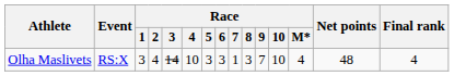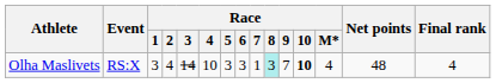 <table class="wikitable" style="font-size:90%">
 <tr>
 <th rowspan="2">Athlete</th>
 <th rowspan="2">Event</th>
 <th colspan=11>Race</th>
 <th rowspan=2>Net points</th>
 <th rowspan=2>Final rank</th>
 </tr>
 <tr style="font-size:95%">
 <th>1</th>
 <th>2</th>
 <th>3</th>
 <th>4</th>
 <th>5</th>
 <th>6</th>
 <th>7</th>
 <th>8</th>
 <th>9</th>
 <th>10</th>
 <th>M*</th>
 </tr>
 <tr align=center>
 <td align=left><a href='#'>Olha Maslivets</a></td>
 <td align=left><a href='#'>RS:X</a></td>
 <td>3</td>
 <td>4</td>
 <td><s>14</s></td>
 <td>10</td>
 <td>3</td>
 <td>3</td>
 <td>1</td>
-<td>3</td>
+<td style="background: paleturquoise;">3</td>
 <td>7</td>
-<td>10</td>
+<td><strong>10</strong></td>
 <td>4</td>
 <td>48</td>
 <td>4</td>
 </tr>
 </table>
